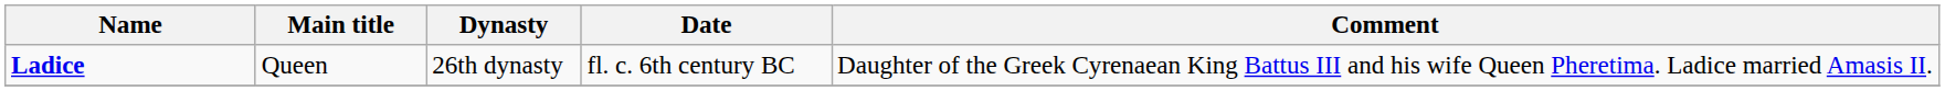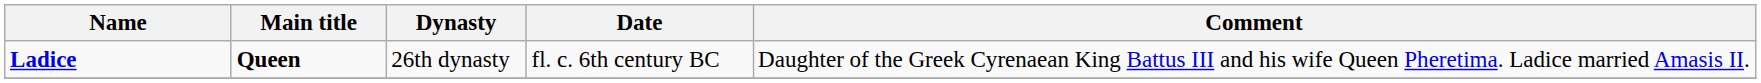 <table class="wikitable sortable" align="center">
 <tr>
 <th style="width: 150px;">Name</th>
 <th style="width: 100px;">Main title</th>
 <th style="width: 90px;">Dynasty</th>
 <th align="center" style="width: 150px;">Date</th>
 <th>Comment</th>
 </tr>
 <tr>
 <td><strong><a href='#'>Ladice</a></strong></td>
-<td>Queen</td>
+<td><strong>Queen</strong></td>
 <td>26th dynasty</td>
 <td>fl. c. 6th century BC</td>
 <td>Daughter of the Greek Cyrenaean King <a href='#'>Battus III</a> and his wife Queen <a href='#'>Pheretima</a>. Ladice married <a href='#'>Amasis II</a>.</td>
 </tr>
 <tr>
 </tr>
 </table>
